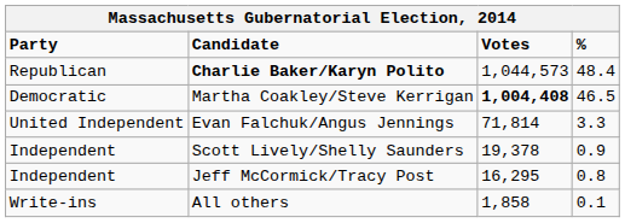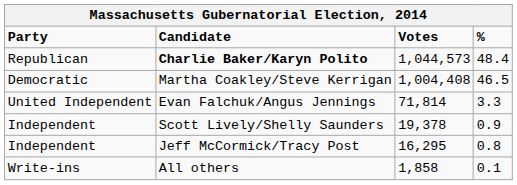 <table class="wikitable">
 <tr>
 <th colspan="4">Massachusetts Gubernatorial Election, 2014</th>
 </tr>
 <tr>
 <td><strong>Party</strong></td>
 <td><strong>Candidate</strong></td>
 <td><strong>Votes</strong></td>
 <td><strong>%</strong></td>
 </tr>
 <tr>
 <td>Republican</td>
 <td><strong>Charlie Baker/Karyn Polito</strong></td>
 <td>1,044,573</td>
 <td>48.4</td>
 </tr>
 <tr>
 <td>Democratic</td>
 <td>Martha Coakley/Steve Kerrigan</td>
-<td><strong>1,004,408</strong></td>
+<td>1,004,408</td>
 <td>46.5</td>
 </tr>
 <tr>
 <td>United Independent</td>
 <td>Evan Falchuk/Angus Jennings</td>
 <td>71,814</td>
 <td>3.3</td>
 </tr>
 <tr>
 <td>Independent</td>
 <td>Scott Lively/Shelly Saunders</td>
 <td>19,378</td>
 <td>0.9</td>
 </tr>
 <tr>
 <td>Independent</td>
 <td>Jeff McCormick/Tracy Post</td>
 <td>16,295</td>
 <td>0.8</td>
 </tr>
 <tr>
 <td>Write-ins</td>
 <td>All others</td>
 <td>1,858</td>
 <td>0.1</td>
 </tr>
 </table>
